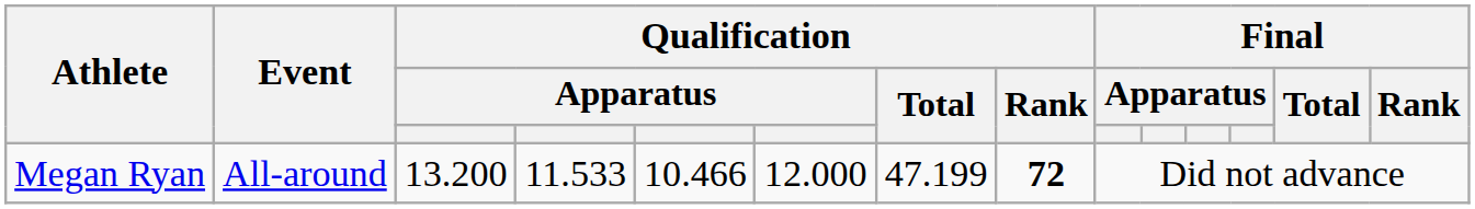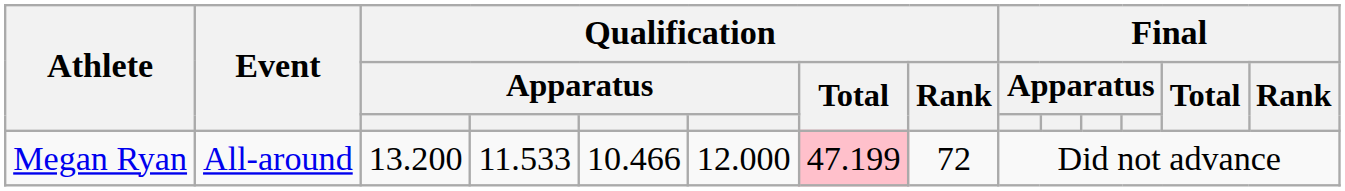 <table class="wikitable" style="font-size:90%">
 <tr>
 <th rowspan=3>Athlete</th>
 <th rowspan=3>Event</th>
 <th colspan =6>Qualification</th>
 <th colspan =6>Final</th>
 </tr>
 <tr style="font-size:95%">
 <th colspan=4>Apparatus</th>
 <th rowspan=2>Total</th>
 <th rowspan=2>Rank</th>
 <th colspan=4>Apparatus</th>
 <th rowspan=2>Total</th>
 <th rowspan=2>Rank</th>
 </tr>
 <tr style="font-size:95%">
 <th></th>
 <th></th>
 <th></th>
 <th></th>
 <th></th>
 <th></th>
 <th></th>
 <th></th>
 </tr>
 <tr align=center>
 <td align=left><a href='#'>Megan Ryan</a></td>
 <td align=left><a href='#'>All-around</a></td>
 <td>13.200</td>
 <td>11.533</td>
 <td>10.466</td>
 <td>12.000</td>
-<td>47.199</td>
-<td><strong>72</strong></td>
+<td style="background: pink;">47.199</td>
+<td>72</td>
 <td colspan=6>Did not advance</td>
 </tr>
 </table>
